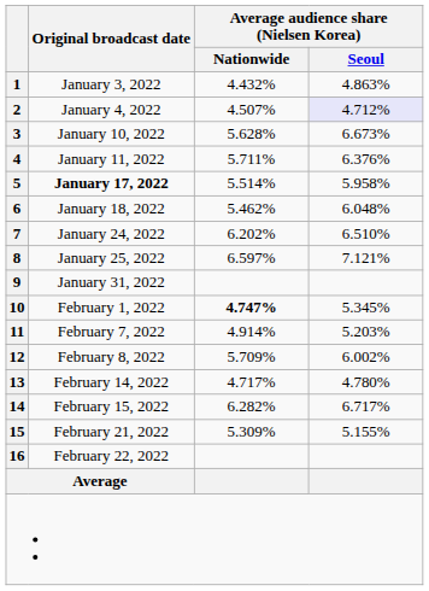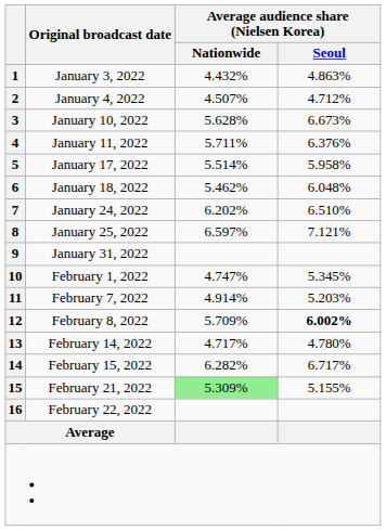 <table class="wikitable" style="text-align:center; max-width:550px; margin-left: auto; margin-right: auto; border: none;">
 <tr>
 </tr>
 <tr>
 <th rowspan="2"></th>
 <th rowspan="2">Original broadcast date</th>
 <th colspan="2">Average audience share<br>(Nielsen Korea)</th>
 </tr>
 <tr>
 <th width="110">Nationwide</th>
 <th width="110"><a href='#'>Seoul</a></th>
 </tr>
 <tr>
 <th>1</th>
 <td>January 3, 2022</td>
 <td>4.432% </td>
 <td>4.863% </td>
 </tr>
 <tr>
 <th>2</th>
 <td>January 4, 2022</td>
 <td>4.507% </td>
-<td style="background: lavender;">4.712% </td>
+<td>4.712% </td>
 </tr>
 <tr>
 <th>3</th>
 <td>January 10, 2022</td>
 <td>5.628% </td>
 <td>6.673% </td>
 </tr>
 <tr>
 <th>4</th>
 <td>January 11, 2022</td>
 <td>5.711% </td>
 <td>6.376% </td>
 </tr>
 <tr>
 <th>5</th>
-<td><strong>January 17, 2022</strong></td>
+<td>January 17, 2022</td>
 <td>5.514% </td>
 <td>5.958% </td>
 </tr>
 <tr>
 <th>6</th>
 <td>January 18, 2022</td>
 <td>5.462% </td>
 <td>6.048% </td>
 </tr>
 <tr>
 <th>7</th>
 <td>January 24, 2022</td>
 <td>6.202% </td>
 <td>6.510% </td>
 </tr>
 <tr>
 <th>8</th>
 <td>January 25, 2022</td>
 <td>6.597% </td>
 <td>7.121% </td>
 </tr>
 <tr>
 <th>9</th>
 <td>January 31, 2022</td>
 <td> </td>
 <td> </td>
 </tr>
 <tr>
 <th>10</th>
 <td>February 1, 2022</td>
-<td><strong>4.747% </strong></td>
+<td>4.747% </td>
 <td>5.345% </td>
 </tr>
 <tr>
 <th>11</th>
 <td>February 7, 2022</td>
 <td>4.914% </td>
 <td>5.203% </td>
 </tr>
 <tr>
 <th>12</th>
 <td>February 8, 2022</td>
 <td>5.709% </td>
-<td>6.002% </td>
+<td><strong>6.002% </strong></td>
 </tr>
 <tr>
 <th>13</th>
 <td>February 14, 2022</td>
 <td>4.717% </td>
 <td>4.780% </td>
 </tr>
 <tr>
 <th>14</th>
 <td>February 15, 2022</td>
 <td>6.282% </td>
 <td>6.717% </td>
 </tr>
 <tr>
 <th>15</th>
 <td>February 21, 2022</td>
-<td>5.309% </td>
+<td style="background: lightgreen;">5.309% </td>
 <td>5.155% </td>
 </tr>
 <tr>
 <th>16</th>
 <td>February 22, 2022</td>
 <td> </td>
 <td> </td>
 </tr>
 <tr>
 <th colspan="2">Average</th>
 <th></th>
 <th></th>
 </tr>
 <tr>
 <td colspan="4"><br><ul><li></li><li></li></ul></td>
 </tr>
 </table>
